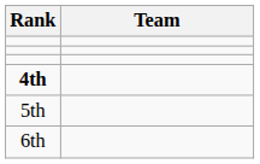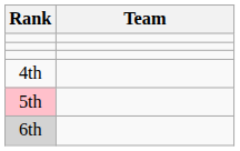 <table class=wikitable style="text-align:center;">
 <tr>
 <th>Rank</th>
 <th width=150px>Team</th>
 </tr>
 <tr>
 <td></td>
 <td align=left></td>
 </tr>
 <tr>
 <td></td>
 <td align=left></td>
 </tr>
 <tr>
 <td></td>
 <td align=left></td>
 </tr>
 <tr>
-<td><strong>4th</strong></td>
+<td>4th</td>
 <td align=left></td>
 </tr>
 <tr>
-<td>5th</td>
+<td style="background: pink;">5th</td>
 <td align=left></td>
 </tr>
 <tr>
-<td>6th</td>
+<td style="background: lightgrey;">6th</td>
 <td align=left></td>
 </tr>
 </table>
